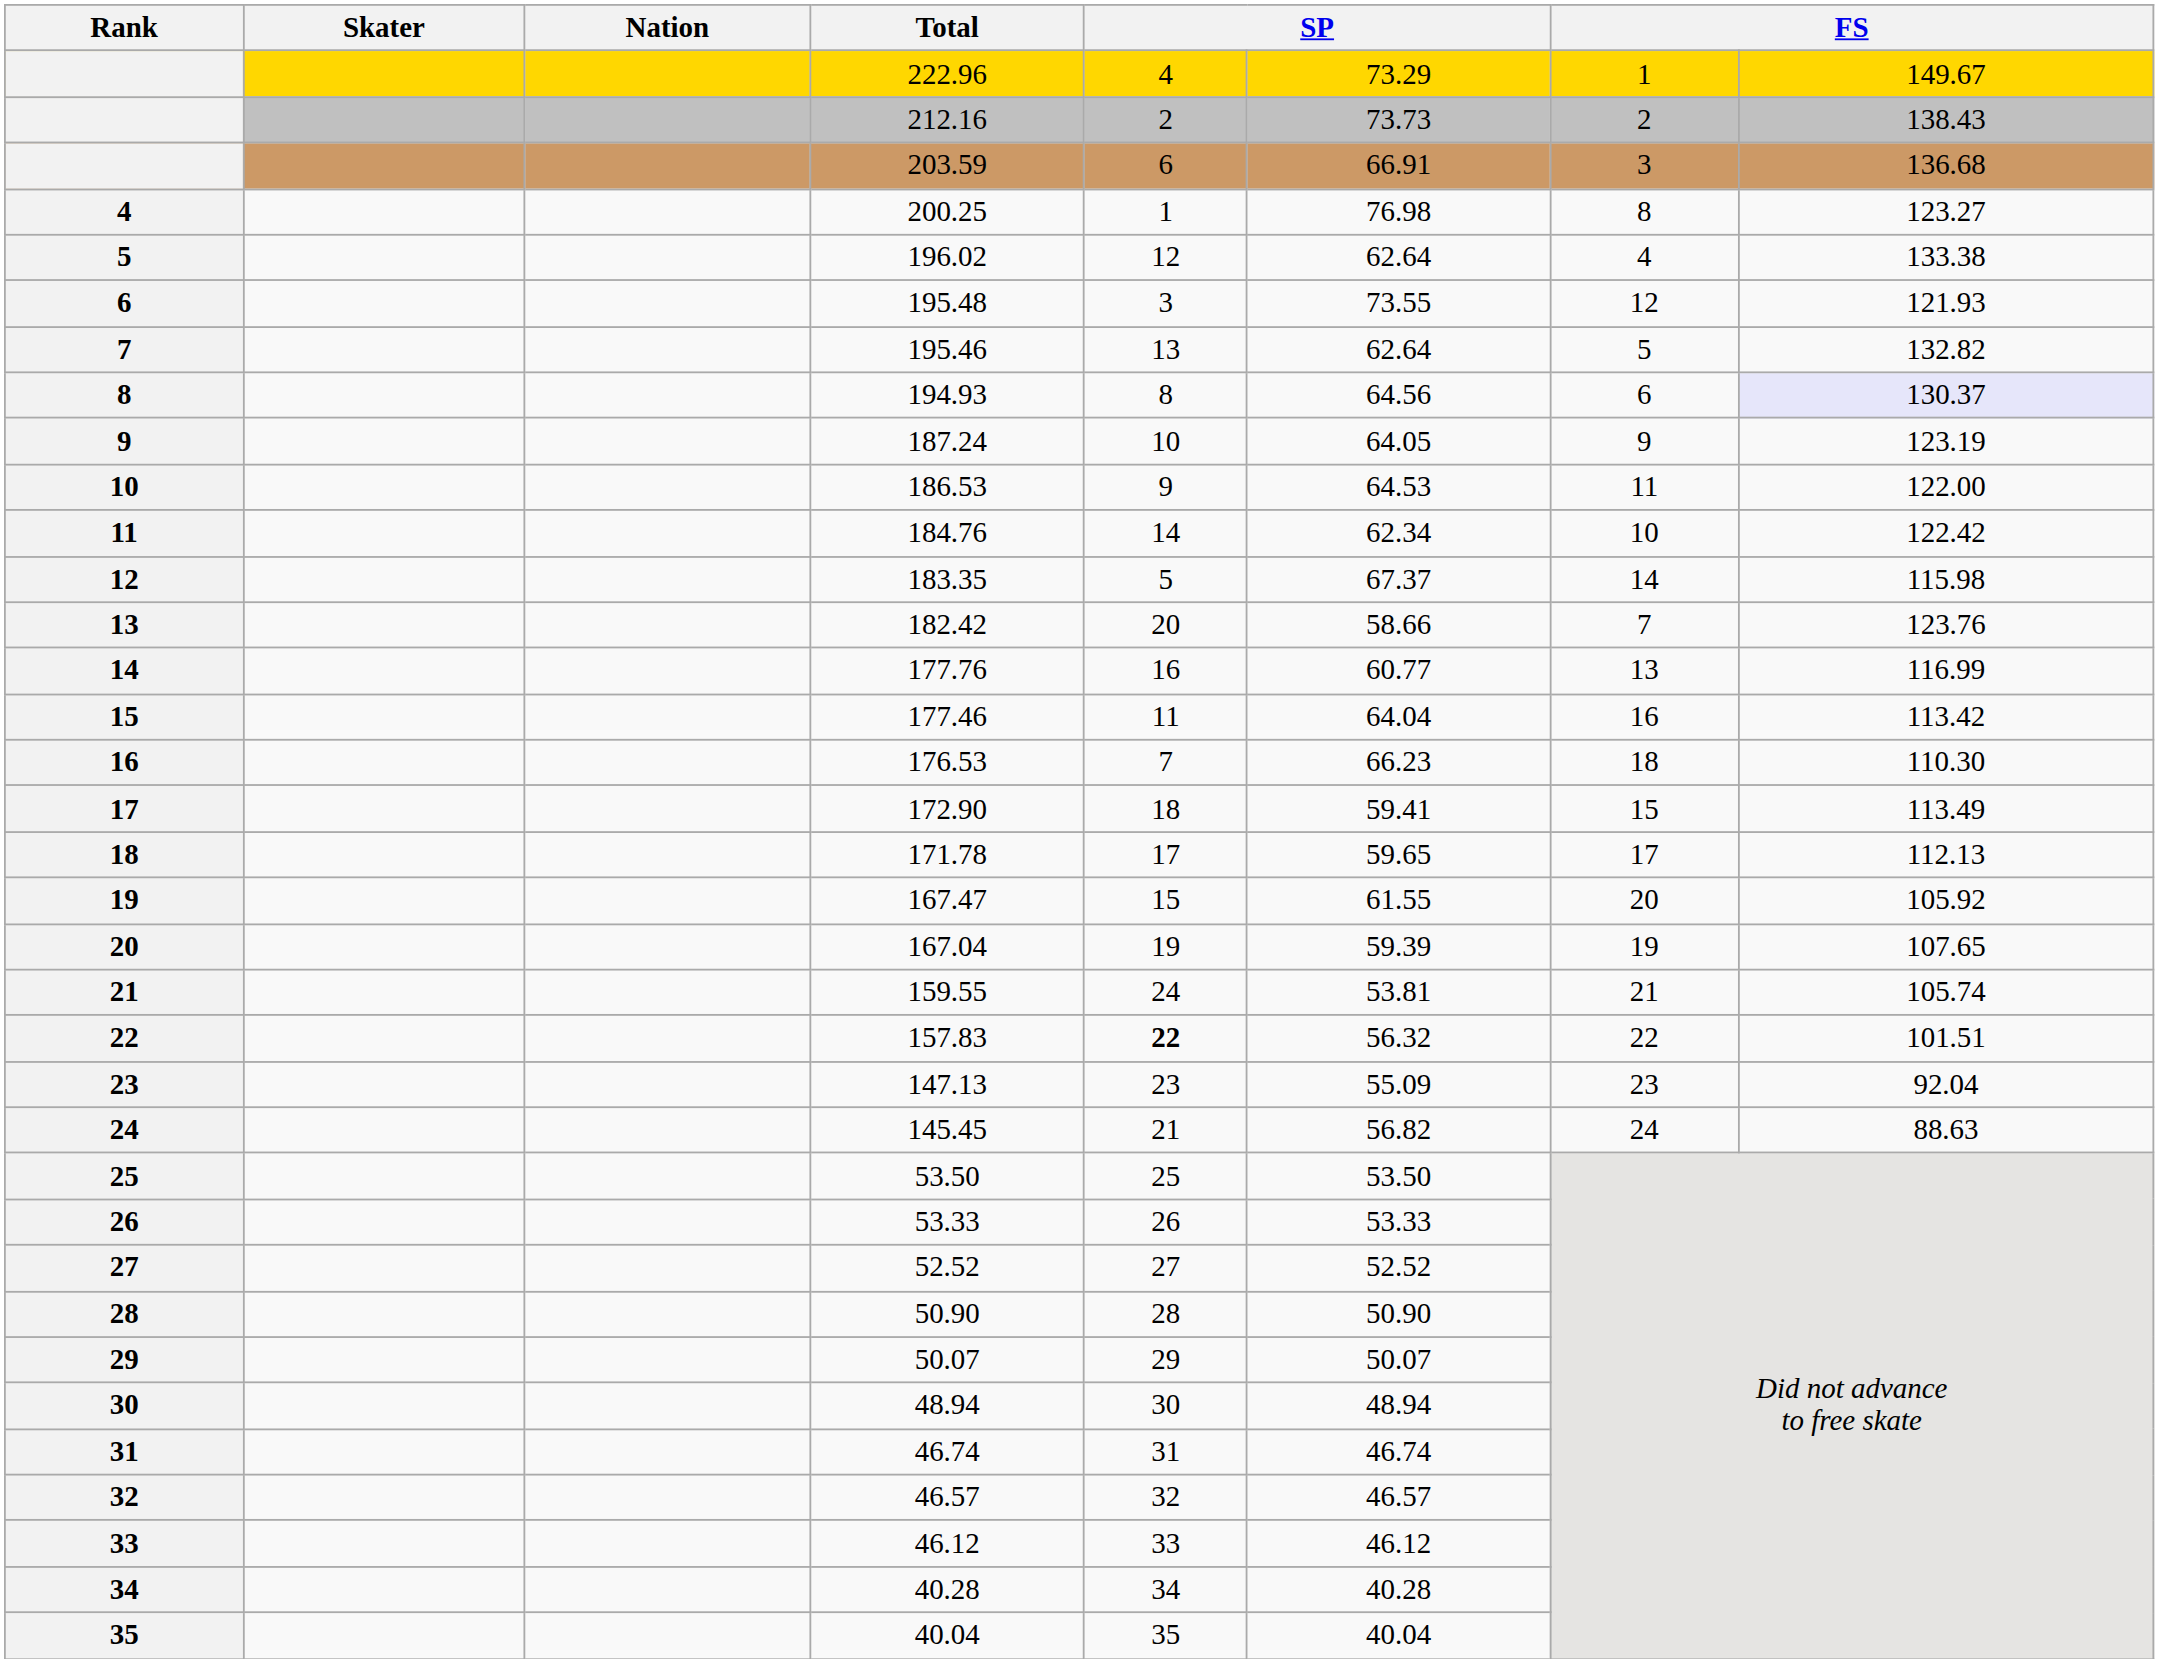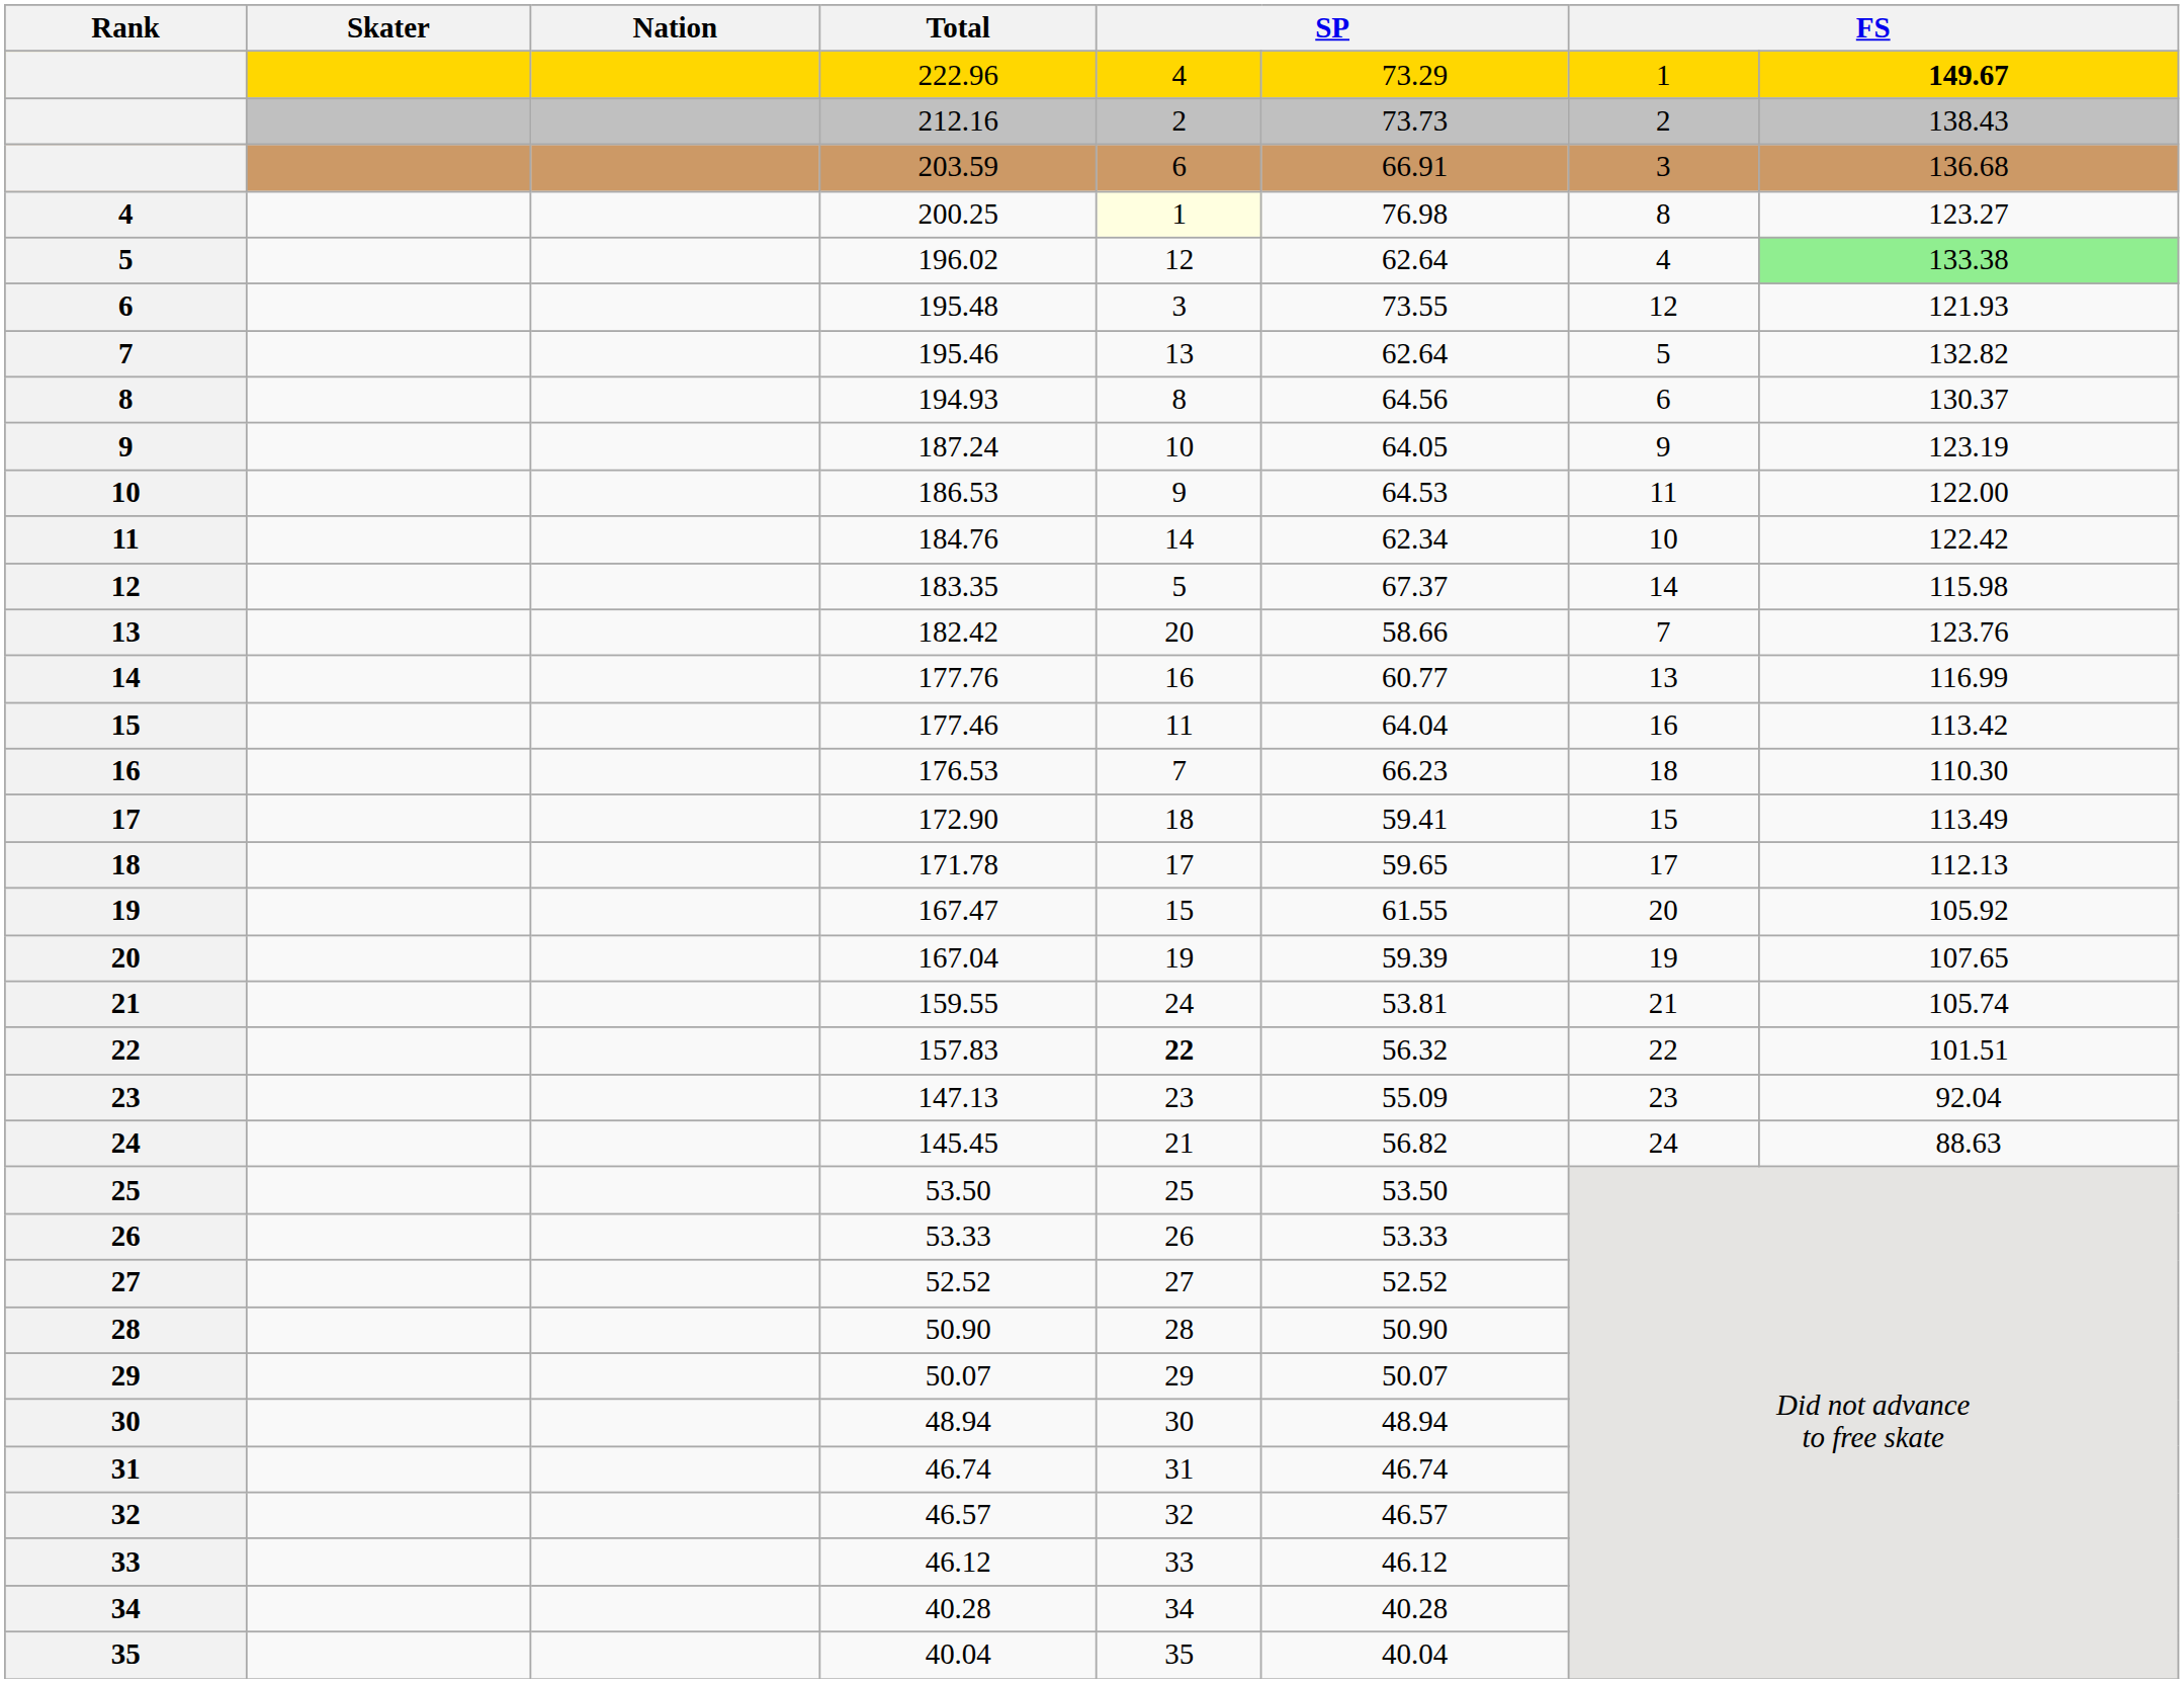 <table class="wikitable sortable" style="text-align:center; width:75%">
 <tr>
 <th scope="col">Rank</th>
 <th scope="col">Skater</th>
 <th scope="col">Nation</th>
 <th scope="col">Total</th>
 <th colspan="2" width="80px"><a href='#'>SP</a></th>
 <th colspan="2" width="80px"><a href='#'>FS</a></th>
 </tr>
 <tr bgcolor="gold">
 <th scope="row"></th>
 <td align="left"></td>
 <td align="left"></td>
 <td>222.96</td>
 <td>4</td>
 <td>73.29</td>
 <td>1</td>
-<td>149.67</td>
+<td><strong>149.67</strong></td>
 </tr>
 <tr bgcolor="silver">
 <th scope="row"></th>
 <td align="left"></td>
 <td align="left"></td>
 <td>212.16</td>
 <td>2</td>
 <td>73.73</td>
 <td>2</td>
 <td>138.43</td>
 </tr>
 <tr bgcolor="#cc9966">
 <th scope="row"></th>
 <td align="left"></td>
 <td align="left"></td>
 <td>203.59</td>
 <td>6</td>
 <td>66.91</td>
 <td>3</td>
 <td>136.68</td>
 </tr>
 <tr>
 <th scope="row">4</th>
 <td align="left"></td>
 <td align="left"></td>
 <td>200.25</td>
-<td>1</td>
+<td style="background: lightyellow;">1</td>
 <td>76.98</td>
 <td>8</td>
 <td>123.27</td>
 </tr>
 <tr>
 <th scope="row">5</th>
 <td align="left"></td>
 <td align="left"></td>
 <td>196.02</td>
 <td>12</td>
 <td>62.64</td>
 <td>4</td>
-<td>133.38</td>
+<td style="background: lightgreen;">133.38</td>
 </tr>
 <tr>
 <th scope="row">6</th>
 <td align="left"></td>
 <td align="left"></td>
 <td>195.48</td>
 <td>3</td>
 <td>73.55</td>
 <td>12</td>
 <td>121.93</td>
 </tr>
 <tr>
 <th scope="row">7</th>
 <td align="left"></td>
 <td align="left"></td>
 <td>195.46</td>
 <td>13</td>
 <td>62.64</td>
 <td>5</td>
 <td>132.82</td>
 </tr>
 <tr>
 <th scope="row">8</th>
 <td align="left"></td>
 <td align="left"></td>
 <td>194.93</td>
 <td>8</td>
 <td>64.56</td>
 <td>6</td>
-<td style="background: lavender;">130.37</td>
+<td>130.37</td>
 </tr>
 <tr>
 <th scope="row">9</th>
 <td align="left"></td>
 <td align="left"></td>
 <td>187.24</td>
 <td>10</td>
 <td>64.05</td>
 <td>9</td>
 <td>123.19</td>
 </tr>
 <tr>
 <th scope="row">10</th>
 <td align="left"></td>
 <td align="left"></td>
 <td>186.53</td>
 <td>9</td>
 <td>64.53</td>
 <td>11</td>
 <td>122.00</td>
 </tr>
 <tr>
 <th scope="row">11</th>
 <td align="left"></td>
 <td align="left"></td>
 <td>184.76</td>
 <td>14</td>
 <td>62.34</td>
 <td>10</td>
 <td>122.42</td>
 </tr>
 <tr>
 <th scope="row">12</th>
 <td align="left"></td>
 <td align="left"></td>
 <td>183.35</td>
 <td>5</td>
 <td>67.37</td>
 <td>14</td>
 <td>115.98</td>
 </tr>
 <tr>
 <th scope="row">13</th>
 <td align="left"></td>
 <td align="left"></td>
 <td>182.42</td>
 <td>20</td>
 <td>58.66</td>
 <td>7</td>
 <td>123.76</td>
 </tr>
 <tr>
 <th scope="row">14</th>
 <td align="left"></td>
 <td align="left"></td>
 <td>177.76</td>
 <td>16</td>
 <td>60.77</td>
 <td>13</td>
 <td>116.99</td>
 </tr>
 <tr>
 <th scope="row">15</th>
 <td align="left"></td>
 <td align="left"></td>
 <td>177.46</td>
 <td>11</td>
 <td>64.04</td>
 <td>16</td>
 <td>113.42</td>
 </tr>
 <tr>
 <th scope="row">16</th>
 <td align="left"></td>
 <td align="left"></td>
 <td>176.53</td>
 <td>7</td>
 <td>66.23</td>
 <td>18</td>
 <td>110.30</td>
 </tr>
 <tr>
 <th scope="row">17</th>
 <td align="left"></td>
 <td align="left"></td>
 <td>172.90</td>
 <td>18</td>
 <td>59.41</td>
 <td>15</td>
 <td>113.49</td>
 </tr>
 <tr>
 <th scope="row">18</th>
 <td align="left"></td>
 <td align="left"></td>
 <td>171.78</td>
 <td>17</td>
 <td>59.65</td>
 <td>17</td>
 <td>112.13</td>
 </tr>
 <tr>
 <th scope="row">19</th>
 <td align="left"></td>
 <td align="left"></td>
 <td>167.47</td>
 <td>15</td>
 <td>61.55</td>
 <td>20</td>
 <td>105.92</td>
 </tr>
 <tr>
 <th scope="row">20</th>
 <td align="left"></td>
 <td align="left"></td>
 <td>167.04</td>
 <td>19</td>
 <td>59.39</td>
 <td>19</td>
 <td>107.65</td>
 </tr>
 <tr>
 <th scope="row">21</th>
 <td align="left"></td>
 <td align="left"></td>
 <td>159.55</td>
 <td>24</td>
 <td>53.81</td>
 <td>21</td>
 <td>105.74</td>
 </tr>
 <tr>
 <th scope="row">22</th>
 <td align="left"></td>
 <td align="left"></td>
 <td>157.83</td>
 <td><strong>22</strong></td>
 <td>56.32</td>
 <td>22</td>
 <td>101.51</td>
 </tr>
 <tr>
 <th scope="row">23</th>
 <td align="left"></td>
 <td align="left"></td>
 <td>147.13</td>
 <td>23</td>
 <td>55.09</td>
 <td>23</td>
 <td>92.04</td>
 </tr>
 <tr>
 <th scope="row">24</th>
 <td align="left"></td>
 <td align="left"></td>
 <td>145.45</td>
 <td>21</td>
 <td>56.82</td>
 <td>24</td>
 <td>88.63</td>
 </tr>
 <tr>
 <th scope="row">25</th>
 <td align="left"></td>
 <td align="left"></td>
 <td>53.50</td>
 <td>25</td>
 <td>53.50</td>
 <td colspan="2" rowspan="11" align="center" bgcolor="e5e4e2"><em>Did not advance<br>to free skate</em></td>
 </tr>
 <tr>
 <th scope="row">26</th>
 <td align="left"></td>
 <td align="left"></td>
 <td>53.33</td>
 <td>26</td>
 <td>53.33</td>
 </tr>
 <tr>
 <th scope="row">27</th>
 <td align="left"></td>
 <td align="left"></td>
 <td>52.52</td>
 <td>27</td>
 <td>52.52</td>
 </tr>
 <tr>
 <th scope="row">28</th>
 <td align="left"></td>
 <td align="left"></td>
 <td>50.90</td>
 <td>28</td>
 <td>50.90</td>
 </tr>
 <tr>
 <th scope="row">29</th>
 <td align="left"></td>
 <td align="left"></td>
 <td>50.07</td>
 <td>29</td>
 <td>50.07</td>
 </tr>
 <tr>
 <th scope="row">30</th>
 <td align="left"></td>
 <td align="left"></td>
 <td>48.94</td>
 <td>30</td>
 <td>48.94</td>
 </tr>
 <tr>
 <th scope="row">31</th>
 <td align="left"></td>
 <td align="left"></td>
 <td>46.74</td>
 <td>31</td>
 <td>46.74</td>
 </tr>
 <tr>
 <th scope="row">32</th>
 <td align="left"></td>
 <td align="left"></td>
 <td>46.57</td>
 <td>32</td>
 <td>46.57</td>
 </tr>
 <tr>
 <th scope="row">33</th>
 <td align="left"></td>
 <td align="left"></td>
 <td>46.12</td>
 <td>33</td>
 <td>46.12</td>
 </tr>
 <tr>
 <th scope="row">34</th>
 <td align="left"></td>
 <td align="left"></td>
 <td>40.28</td>
 <td>34</td>
 <td>40.28</td>
 </tr>
 <tr>
 <th scope="row">35</th>
 <td align="left"></td>
 <td align="left"></td>
 <td>40.04</td>
 <td>35</td>
 <td>40.04</td>
 </tr>
 </table>
